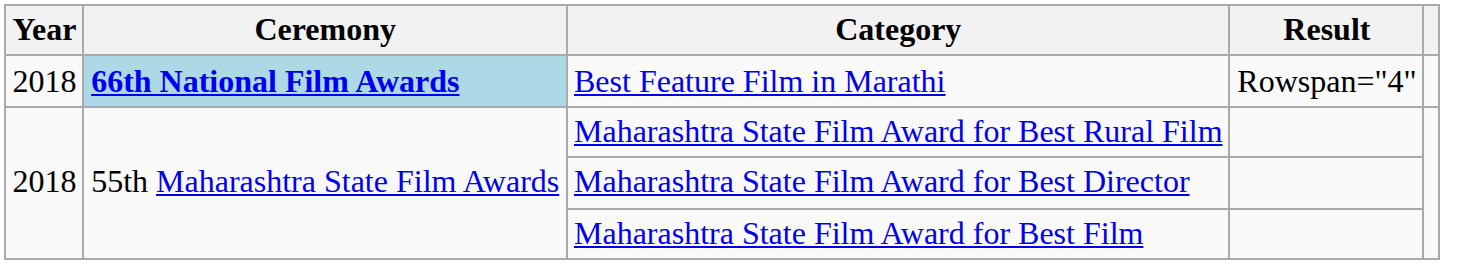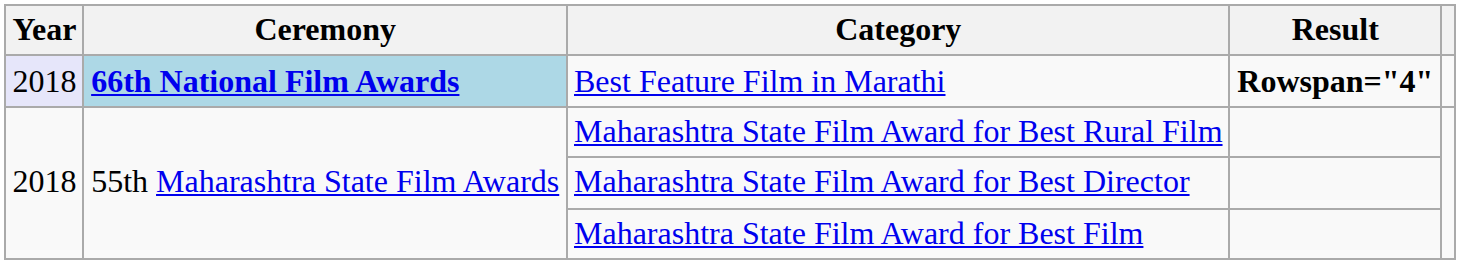 <table class="wikitable">
 <tr>
 <th>Year</th>
 <th>Ceremony</th>
 <th>Category</th>
 <th>Result</th>
 <th></th>
 </tr>
 <tr>
-<td>2018</td>
+<td style="background: lavender;">2018</td>
 <td style="background: lightblue;"><strong><a href='#'>66th National Film Awards</a></strong></td>
 <td><a href='#'>Best Feature Film in Marathi</a></td>
-<td>Rowspan="4" </td>
+<td><strong>Rowspan="4" </strong></td>
 <td></td>
 </tr>
 <tr>
 <td Rowspan="3">2018</td>
 <td Rowspan="3">55th <a href='#'>Maharashtra State Film Awards </a></td>
 <td><a href='#'>Maharashtra State Film Award for Best Rural Film</a></td>
 <td></td>
 </tr>
 <tr>
 <td><a href='#'>Maharashtra State Film Award for Best Director</a></td>
 <td></td>
 </tr>
 <tr>
 <td><a href='#'>Maharashtra State Film Award for Best Film</a></td>
 <td></td>
 </tr>
 </table>
